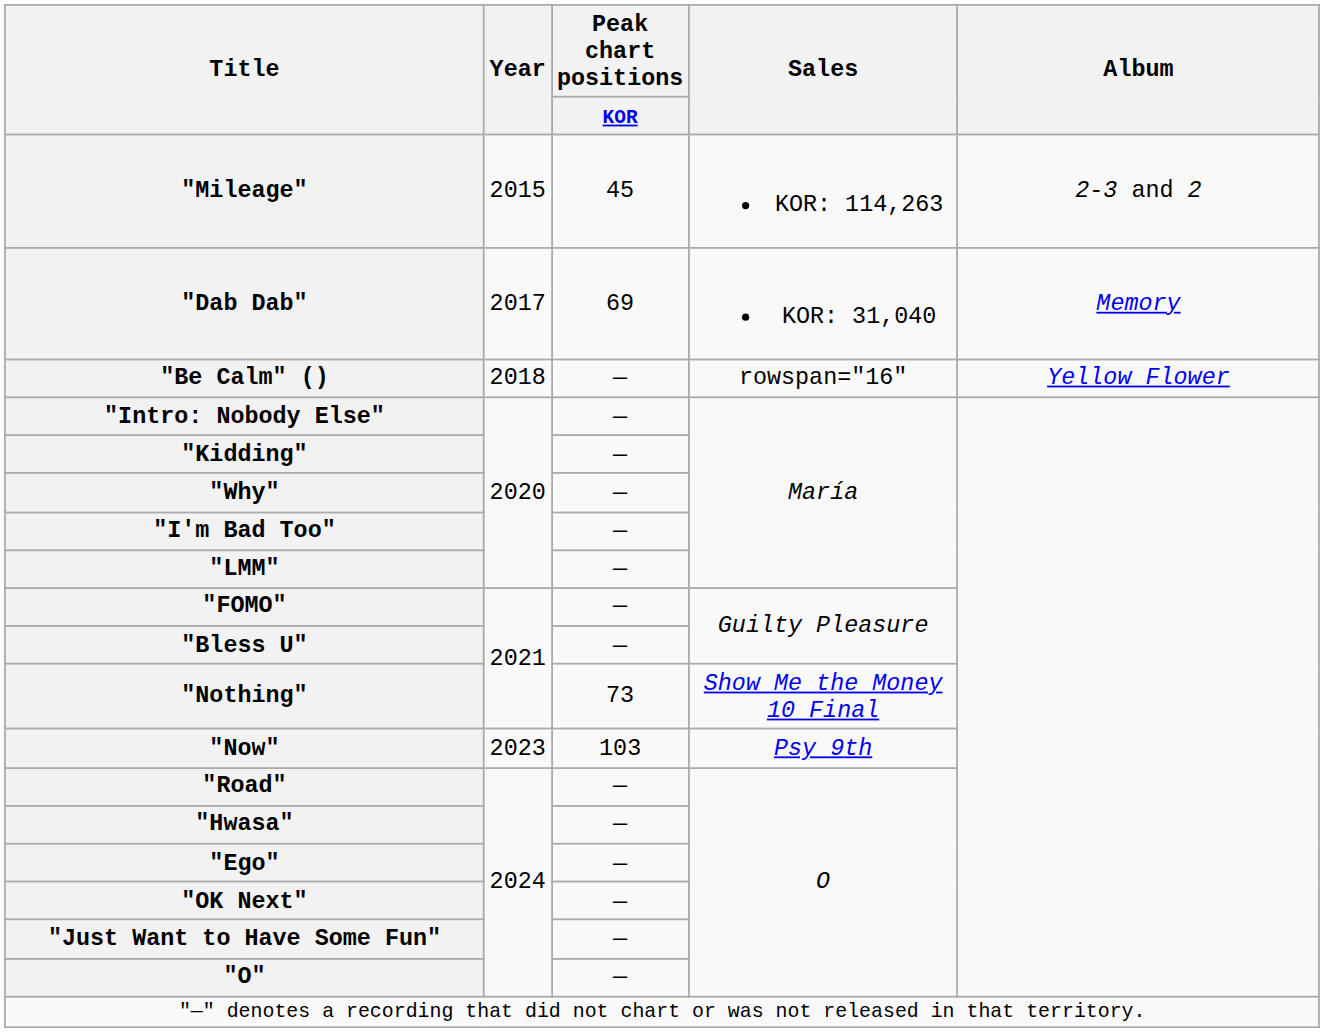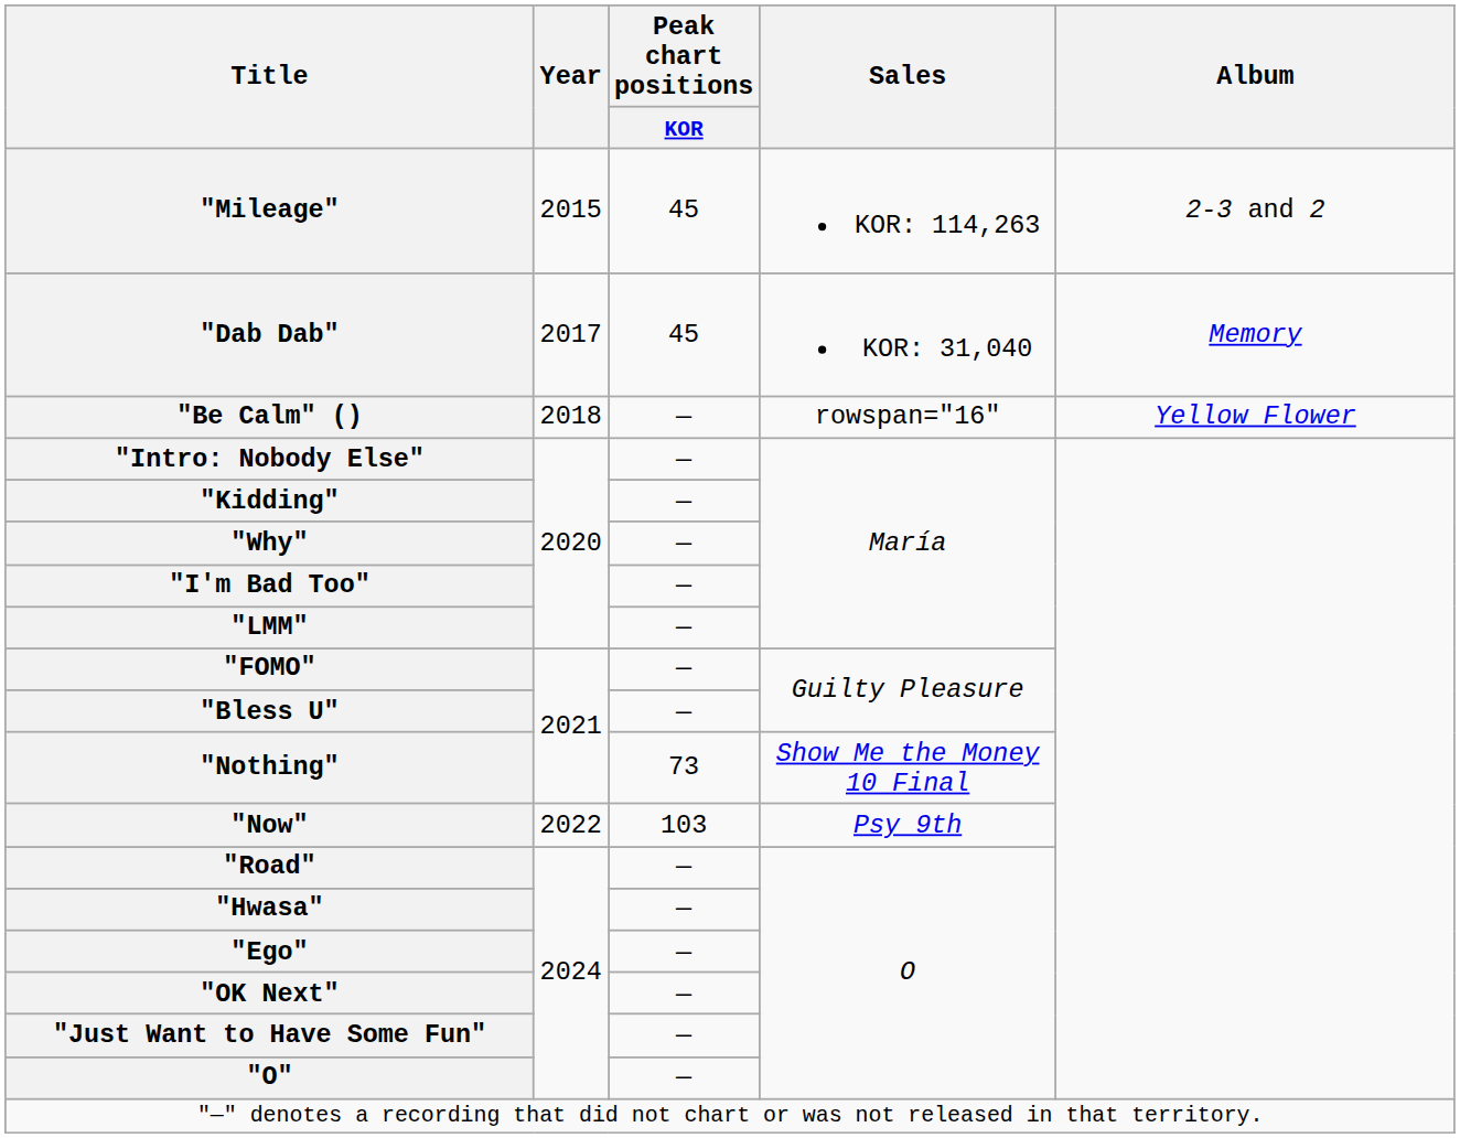 <table class="wikitable plainrowheaders" style="text-align:center;" border="1">
 <tr>
 <th scope="col" rowspan="2" style="width:20em;">Title</th>
 <th scope="col" rowspan="2">Year</th>
 <th scope="col" colspan="1" style="width:5em;">Peak chart positions</th>
 <th scope="col" rowspan="2" style="width:11em;">Sales</th>
 <th scope="col" rowspan="2" style="width:15em;">Album</th>
 </tr>
 <tr>
 <th><small><a href='#'>KOR</a></small></th>
 </tr>
 <tr>
 <th scope="row">"Mileage"<br></th>
 <td>2015</td>
 <td>45</td>
 <td><br><ul><li>KOR: 114,263</li></ul></td>
 <td><em>2-3</em> and <em>2</em></td>
 </tr>
 <tr>
 <th scope="row">"Dab Dab"<br></th>
 <td>2017</td>
-<td>69</td>
+<td>45</td>
 <td><br><ul><li>KOR: 31,040</li></ul></td>
 <td><em><a href='#'>Memory</a></em></td>
 </tr>
 <tr>
 <th scope="row">"Be Calm" ()</th>
 <td>2018</td>
 <td>—</td>
 <td>rowspan="16" </td>
 <td><em><a href='#'>Yellow Flower</a></em></td>
 </tr>
 <tr>
 <th scope="row">"Intro: Nobody Else"</th>
 <td rowspan="5">2020</td>
 <td>—</td>
 <td rowspan="5"><em>María</em></td>
 </tr>
 <tr>
 <th scope="row">"Kidding"</th>
 <td>—</td>
 </tr>
 <tr>
 <th scope="row">"Why"</th>
 <td>—</td>
 </tr>
 <tr>
 <th scope="row">"I'm Bad Too"<br></th>
 <td>—</td>
 </tr>
 <tr>
 <th scope="row">"LMM"</th>
 <td>—</td>
 </tr>
 <tr>
 <th scope="row">"FOMO"</th>
 <td rowspan="3">2021</td>
 <td>—</td>
 <td rowspan="2"><em>Guilty Pleasure</em></td>
 </tr>
 <tr>
 <th scope="row">"Bless U"</th>
 <td>—</td>
 </tr>
 <tr>
 <th scope="row">"Nothing" <br></th>
 <td>73</td>
 <td><em><a href='#'>Show Me the Money 10 Final</a></em></td>
 </tr>
 <tr>
 <th scope="row">"Now"<br></th>
-<td>2023</td>
+<td>2022</td>
 <td>103</td>
 <td><em><a href='#'>Psy 9th</a></em></td>
 </tr>
 <tr>
 <th scope="row">"Road"</th>
 <td rowspan="6">2024</td>
 <td>—</td>
 <td rowspan="6"><em>O</em></td>
 </tr>
 <tr>
 <th scope="row">"Hwasa"</th>
 <td>—</td>
 </tr>
 <tr>
 <th scope="row">"Ego"</th>
 <td>—</td>
 </tr>
 <tr>
 <th scope="row">"OK Next"</th>
 <td>—</td>
 </tr>
 <tr>
 <th scope="row">"Just Want to Have Some Fun"</th>
 <td>—</td>
 </tr>
 <tr>
 <th scope="row">"O"</th>
 <td>—</td>
 </tr>
 <tr>
 <td colspan="15" style="font-size:85%">"—" denotes a recording that did not chart or was not released in that territory.</td>
 </tr>
 </table>
